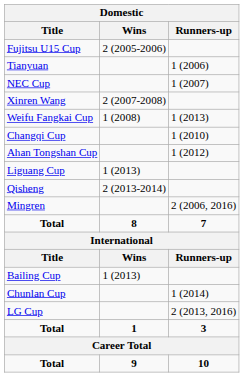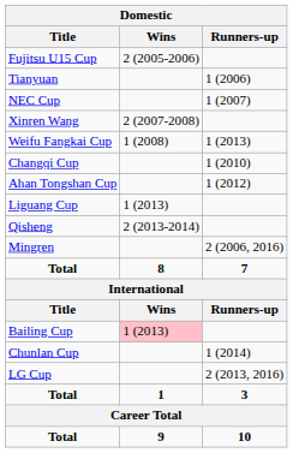 <table class="wikitable">
 <tr>
 <th colspan=3>Domestic</th>
 </tr>
 <tr>
 <th>Title</th>
 <th>Wins</th>
 <th>Runners-up</th>
 </tr>
 <tr>
 <td><a href='#'>Fujitsu U15 Cup</a></td>
 <td>2 (2005-2006)</td>
 <td></td>
 </tr>
 <tr>
 <td><a href='#'>Tianyuan</a></td>
 <td></td>
 <td>1 (2006)</td>
 </tr>
 <tr>
 <td><a href='#'>NEC Cup</a></td>
 <td></td>
 <td>1 (2007)</td>
 </tr>
 <tr>
 <td><a href='#'>Xinren Wang</a></td>
 <td>2 (2007-2008)</td>
 <td></td>
 </tr>
 <tr>
 <td><a href='#'>Weifu Fangkai Cup</a></td>
 <td>1 (2008)</td>
 <td>1 (2013)</td>
 </tr>
 <tr>
 <td><a href='#'>Changqi Cup</a></td>
 <td></td>
 <td>1 (2010)</td>
 </tr>
 <tr>
 <td><a href='#'>Ahan Tongshan Cup</a></td>
 <td></td>
 <td>1 (2012)</td>
 </tr>
 <tr>
 <td><a href='#'>Liguang Cup</a></td>
 <td>1 (2013)</td>
 <td></td>
 </tr>
 <tr>
 <td><a href='#'>Qisheng</a></td>
 <td>2 (2013-2014)</td>
 <td></td>
 </tr>
 <tr>
 <td><a href='#'>Mingren</a></td>
 <td></td>
 <td>2 (2006, 2016)</td>
 </tr>
 <tr align="center">
 <td><strong>Total</strong></td>
 <td><strong>8</strong></td>
 <td><strong>7</strong></td>
 </tr>
 <tr>
 <th colspan=3>International</th>
 </tr>
 <tr>
 <th>Title</th>
 <th>Wins</th>
 <th>Runners-up</th>
 </tr>
 <tr>
 <td><a href='#'>Bailing Cup</a></td>
-<td>1 (2013)</td>
+<td style="background: pink;">1 (2013)</td>
 <td></td>
 </tr>
 <tr>
 <td><a href='#'>Chunlan Cup</a></td>
 <td></td>
 <td>1 (2014)</td>
 </tr>
 <tr>
 <td><a href='#'> LG Cup</a></td>
 <td></td>
 <td>2 (2013, 2016)</td>
 </tr>
 <tr align="center">
 <td><strong>Total</strong></td>
 <td><strong>1</strong></td>
 <td><strong>3</strong></td>
 </tr>
 <tr>
 <th colspan=3>Career Total</th>
 </tr>
 <tr align="center">
 <td><strong>Total</strong></td>
 <td><strong>9</strong></td>
 <td><strong>10</strong></td>
 </tr>
 </table>
